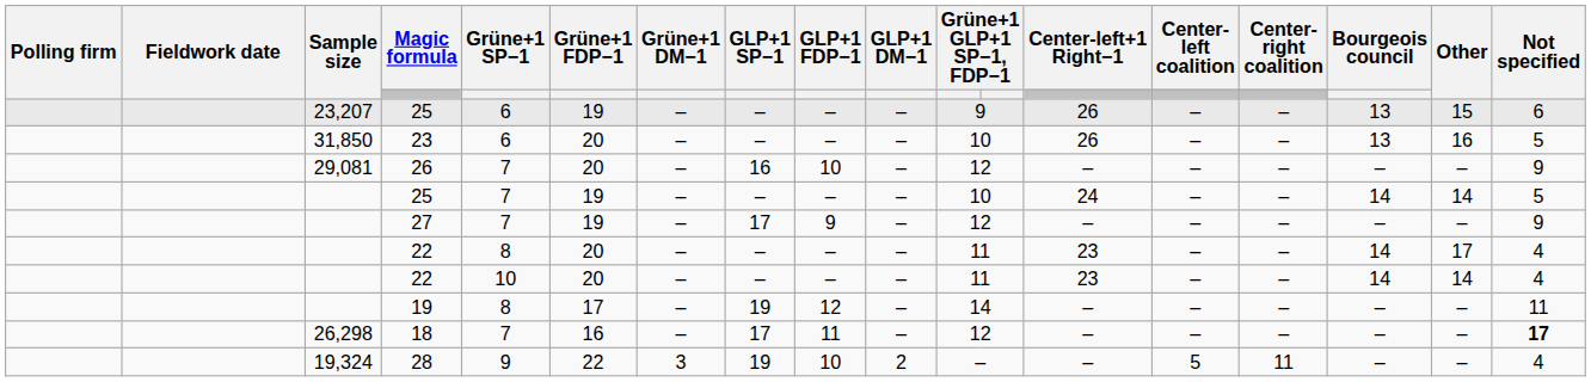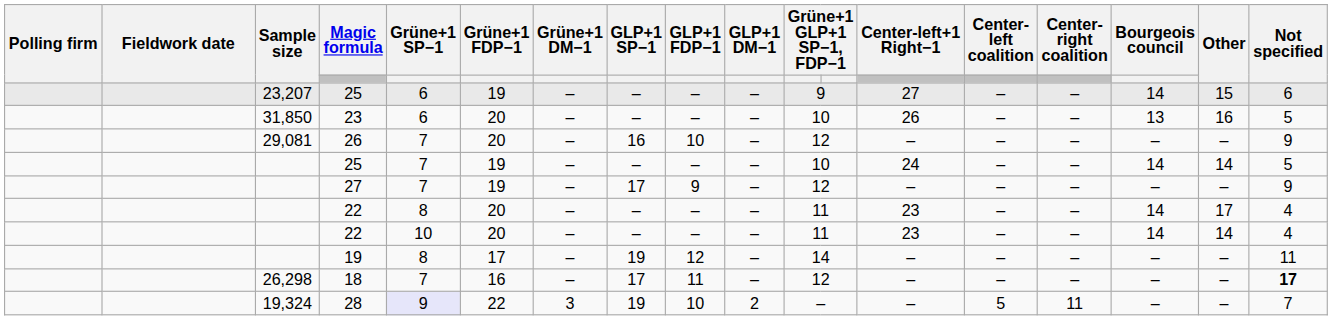 <table class="wikitable" style="text-align:center;font-size:90%;line-height:14px;">
 <tr style="height:40px;">
 <th style="width:80px;" rowspan=2>Polling firm</th>
 <th style="width:130px;" rowspan=2>Fieldwork date</th>
 <th style="width:35px;" rowspan=2>Sample<br>size</th>
 <th><a href='#'>Magic<br>formula</a></th>
 <th>Grüne+1<br>SP−1</th>
 <th>Grüne+1<br>FDP−1</th>
 <th>Grüne+1<br>DM−1</th>
 <th>GLP+1<br>SP−1</th>
 <th>GLP+1<br>FDP−1</th>
 <th>GLP+1<br>DM−1</th>
 <th colspan=2>Grüne+1<br>GLP+1<br>SP−1,<br>FDP−1</th>
 <th>Center-left+1<br>Right−1</th>
 <th>Center-<br>left<br>coalition</th>
 <th>Center-<br>right<br>coalition</th>
 <th>Bourgeois<br>council</th>
 <th rowspan=2>Other</th>
 <th rowspan=2>Not<br>specified</th>
 </tr>
 <tr>
 <th style="background:#c0c0c0;"></th>
 <th style="background:"></th>
 <th style="background:"></th>
 <th style="background:"></th>
 <th style="background:"></th>
 <th style="background:"></th>
 <th style="background:"></th>
 <th style="background:"></th>
 <th style="background:"></th>
 <th style="background:#c0c0c0;"></th>
 <th style="background:#c0c0c0;"></th>
 <th style="background:#c0c0c0;"></th>
 <th style="background:"></th>
 </tr>
 <tr style="background:#E9E9E9;">
 <td></td>
 <td></td>
 <td>23,207</td>
 <td>25</td>
 <td>6</td>
 <td>19</td>
 <td>–</td>
 <td>–</td>
 <td>–</td>
 <td>–</td>
 <td colspan=2>9</td>
-<td>26</td>
+<td>27</td>
 <td>–</td>
 <td>–</td>
-<td>13</td>
+<td>14</td>
 <td>15</td>
 <td>6</td>
 </tr>
 <tr>
 <td></td>
 <td></td>
 <td>31,850</td>
 <td>23</td>
 <td>6</td>
 <td>20</td>
 <td>–</td>
 <td>–</td>
 <td>–</td>
 <td>–</td>
 <td colspan=2>10</td>
 <td>26</td>
 <td>–</td>
 <td>–</td>
 <td>13</td>
 <td>16</td>
 <td>5</td>
 </tr>
 <tr>
 <td></td>
 <td></td>
 <td>29,081</td>
 <td>26</td>
 <td>7</td>
 <td>20</td>
 <td>–</td>
 <td>16</td>
 <td>10</td>
 <td>–</td>
 <td colspan=2>12</td>
 <td>–</td>
 <td>–</td>
 <td>–</td>
 <td>–</td>
 <td>–</td>
 <td>9</td>
 </tr>
 <tr>
 <td></td>
 <td></td>
 <td></td>
 <td>25</td>
 <td>7</td>
 <td>19</td>
 <td>–</td>
 <td>–</td>
 <td>–</td>
 <td>–</td>
 <td colspan=2>10</td>
 <td>24</td>
 <td>–</td>
 <td>–</td>
 <td>14</td>
 <td>14</td>
 <td>5</td>
 </tr>
 <tr>
 <td></td>
 <td></td>
 <td></td>
 <td>27</td>
 <td>7</td>
 <td>19</td>
 <td>–</td>
 <td>17</td>
 <td>9</td>
 <td>–</td>
 <td colspan=2>12</td>
 <td>–</td>
 <td>–</td>
 <td>–</td>
 <td>–</td>
 <td>–</td>
 <td>9</td>
 </tr>
 <tr>
 <td></td>
 <td></td>
 <td></td>
 <td>22</td>
 <td>8</td>
 <td>20</td>
 <td>–</td>
 <td>–</td>
 <td>–</td>
 <td>–</td>
 <td colspan=2>11</td>
 <td>23</td>
 <td>–</td>
 <td>–</td>
 <td>14</td>
 <td>17</td>
 <td>4</td>
 </tr>
 <tr>
 <td></td>
 <td></td>
 <td></td>
 <td>22</td>
 <td>10</td>
 <td>20</td>
 <td>–</td>
 <td>–</td>
 <td>–</td>
 <td>–</td>
 <td colspan=2>11</td>
 <td>23</td>
 <td>–</td>
 <td>–</td>
 <td>14</td>
 <td>14</td>
 <td>4</td>
 </tr>
 <tr>
 <td></td>
 <td></td>
 <td></td>
 <td>19</td>
 <td>8</td>
 <td>17</td>
 <td>–</td>
 <td>19</td>
 <td>12</td>
 <td>–</td>
 <td colspan=2>14</td>
 <td>–</td>
 <td>–</td>
 <td>–</td>
 <td>–</td>
 <td>–</td>
 <td>11</td>
 </tr>
 <tr>
 <td></td>
 <td></td>
 <td>26,298</td>
 <td>18</td>
 <td>7</td>
 <td>16</td>
 <td>–</td>
 <td>17</td>
 <td>11</td>
 <td>–</td>
 <td colspan=2>12</td>
 <td>–</td>
 <td>–</td>
 <td>–</td>
 <td>–</td>
 <td>–</td>
 <td><strong>17</strong></td>
 </tr>
 <tr>
 <td></td>
 <td></td>
 <td>19,324</td>
 <td>28</td>
-<td>9</td>
+<td style="background: lavender;">9</td>
 <td>22</td>
 <td>3</td>
 <td>19</td>
 <td>10</td>
 <td>2</td>
 <td colspan=2>–</td>
 <td>–</td>
 <td>5</td>
 <td>11</td>
 <td>–</td>
 <td>–</td>
-<td>4</td>
+<td>7</td>
 </tr>
 </table>
